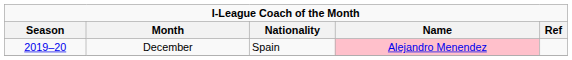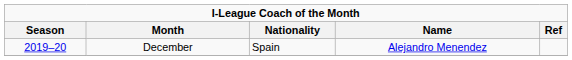 <table class="wikitable" style="font-size:95%; width:40%; text-align:center">
 <tr>
 <td Colspan="5"><strong>I-League Coach of the Month</strong></td>
 </tr>
 <tr>
 <th width="10%">Season</th>
 <th width="20%">Month</th>
 <th width="10%">Nationality</th>
 <th width="25%">Name</th>
 <th width="2%">Ref</th>
 </tr>
 <tr>
 <td><a href='#'>2019–20</a></td>
 <td>December</td>
 <td align=left> Spain</td>
-<td style="background: pink;"><a href='#'>Alejandro Menendez</a></td>
+<td><a href='#'>Alejandro Menendez</a></td>
 <td></td>
 </tr>
 <tr>
 </tr>
 </table>
